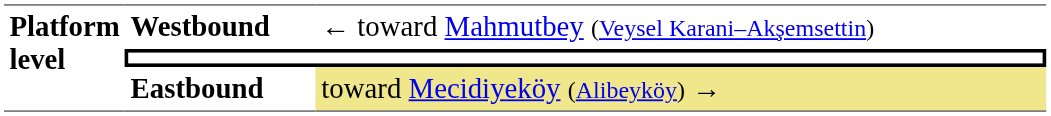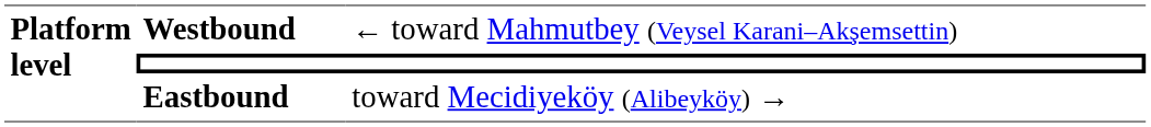 <table cellpadding="3" cellspacing="0" border="0">
 <tr>
 <td rowspan="3" width="50" style="border-top-color: gray; border-bottom-color: gray; border-top-width: 1px; border-bottom-width: 1px; border-top-style: solid; border-bottom-style: solid;" valign="top"><strong>Platform level</strong></td>
 <td width="100" style="border-top-color: gray; border-top-width: 1px; border-top-style: solid;"><strong>Westbound</strong></td>
 <td width="400" style="border-top-color: gray; border-top-width: 1px; border-top-style: solid;">←  toward <a href='#'>Mahmutbey</a> <small>(<a href='#'>Veysel Karani–Akşemsettin</a>)</small></td>
 </tr>
 <tr>
 <td colspan="2" style="border: 2px solid black; border-image: none; text-align: center;"></td>
 </tr>
 <tr>
 <td style="border-bottom-color: gray; border-bottom-width: 1px; border-bottom-style: solid;"><strong>Eastbound</strong></td>
-<td style="background: khaki; border-bottom-color: gray; border-bottom-width: 1px; border-bottom-style: solid;"> toward <a href='#'>Mecidiyeköy</a> <small>(<a href='#'>Alibeyköy</a>)</small> →</td>
+<td style="border-bottom-color: gray; border-bottom-width: 1px; border-bottom-style: solid;"> toward <a href='#'>Mecidiyeköy</a> <small>(<a href='#'>Alibeyköy</a>)</small> →</td>
 </tr>
 </table>
